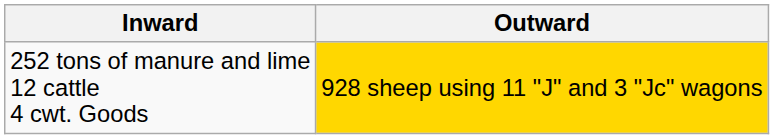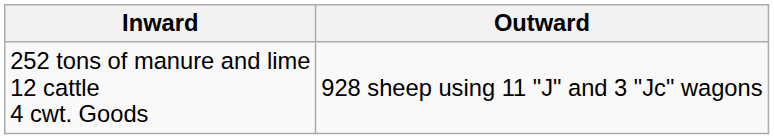 <table class="wikitable">
 <tr>
 <th>Inward</th>
 <th>Outward</th>
 </tr>
 <tr>
 <td>252 tons of manure and lime<br>12 cattle<br>4 cwt. Goods</td>
-<td style="background: gold;">928 sheep using 11 "J" and 3 "Jc" wagons</td>
+<td>928 sheep using 11 "J" and 3 "Jc" wagons</td>
 </tr>
 </table>
